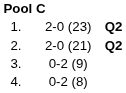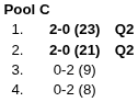 <table style="text-align:center">
 <tr>
 <td colspan=4 align=left><strong>Pool C</strong></td>
 </tr>
 <tr>
 <td width=30>1.</td>
 <td align=left></td>
-<td width=80>2-0 (23)</td>
+<td width=80><strong>2-0 (23)</strong></td>
 <td><strong>Q2</strong></td>
 </tr>
 <tr>
 <td>2.</td>
 <td align=left></td>
-<td>2-0 (21)</td>
+<td><strong>2-0 (21)</strong></td>
 <td><strong>Q2</strong></td>
 </tr>
 <tr>
 <td>3.</td>
 <td align=left></td>
 <td>0-2 (9)</td>
 <td></td>
 </tr>
 <tr>
 <td>4.</td>
 <td align=left></td>
 <td>0-2 (8)</td>
 <td></td>
 </tr>
 </table>
